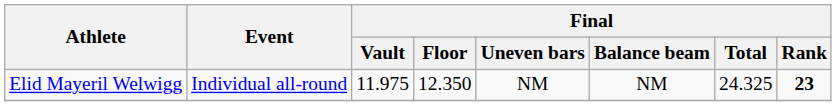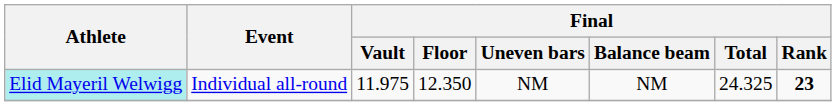 <table class="wikitable" style="font-size:90%">
 <tr>
 <th rowspan="2">Athlete</th>
 <th rowspan="2">Event</th>
 <th colspan = "8">Final</th>
 </tr>
 <tr>
 <th>Vault</th>
 <th>Floor</th>
 <th>Uneven bars</th>
 <th>Balance beam</th>
 <th>Total</th>
 <th>Rank</th>
 </tr>
 <tr>
-<td><a href='#'>Elid Mayeril Welwigg</a></td>
+<td style="background: paleturquoise;"><a href='#'>Elid Mayeril Welwigg</a></td>
 <td><a href='#'>Individual all-round</a></td>
 <td align=center>11.975</td>
 <td align=center>12.350</td>
 <td align=center>NM</td>
 <td align=center>NM</td>
 <td align=center>24.325</td>
 <td align=center><strong>23</strong></td>
 </tr>
 <tr>
 </tr>
 </table>
